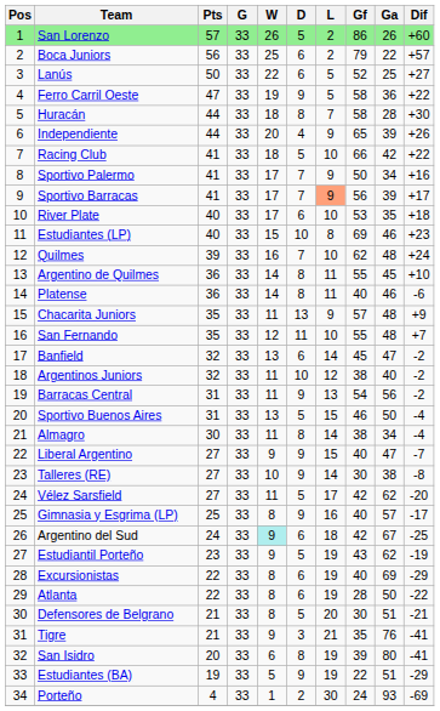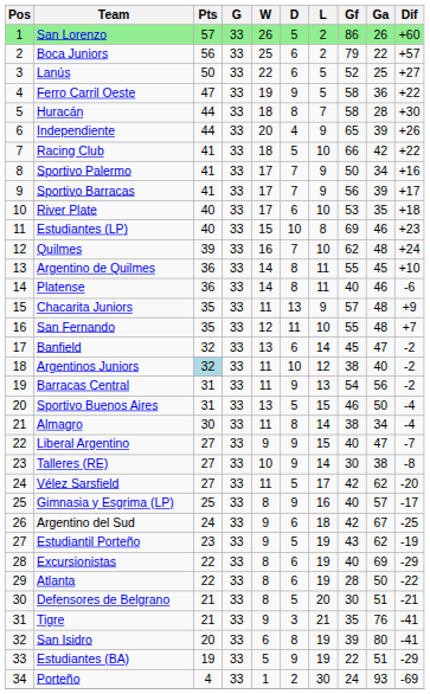 <table class="wikitable" style="text-align:center">
 <tr>
 <th width=30px>Pos</th>
 <th width=200px>Team</th>
 <th width=30px>Pts</th>
 <th width=30px>G</th>
 <th width=30px>W</th>
 <th width=30px>D</th>
 <th width=30px>L</th>
 <th width=30px>Gf</th>
 <th width=30px>Ga</th>
 <th width=30px>Dif</th>
 </tr>
 <tr bgcolor="lightgreen">
 <td>1</td>
 <td align="left"><a href='#'>San Lorenzo</a></td>
 <td>57</td>
 <td>33</td>
 <td>26</td>
 <td>5</td>
 <td>2</td>
 <td>86</td>
 <td>26</td>
 <td>+60</td>
 </tr>
 <tr>
 <td>2</td>
 <td align="left"><a href='#'>Boca Juniors</a></td>
 <td>56</td>
 <td>33</td>
 <td>25</td>
 <td>6</td>
 <td>2</td>
 <td>79</td>
 <td>22</td>
 <td>+57</td>
 </tr>
 <tr>
 <td>3</td>
 <td align="left"><a href='#'>Lanús</a></td>
 <td>50</td>
 <td>33</td>
 <td>22</td>
 <td>6</td>
 <td>5</td>
 <td>52</td>
 <td>25</td>
 <td>+27</td>
 </tr>
 <tr>
 <td>4</td>
 <td align="left"><a href='#'>Ferro Carril Oeste</a></td>
 <td>47</td>
 <td>33</td>
 <td>19</td>
 <td>9</td>
 <td>5</td>
 <td>58</td>
 <td>36</td>
 <td>+22</td>
 </tr>
 <tr>
 <td>5</td>
 <td align="left"><a href='#'>Huracán</a></td>
 <td>44</td>
 <td>33</td>
 <td>18</td>
 <td>8</td>
 <td>7</td>
 <td>58</td>
 <td>28</td>
 <td>+30</td>
 </tr>
 <tr>
 <td>6</td>
 <td align="left"><a href='#'>Independiente</a></td>
 <td>44</td>
 <td>33</td>
 <td>20</td>
 <td>4</td>
 <td>9</td>
 <td>65</td>
 <td>39</td>
 <td>+26</td>
 </tr>
 <tr>
 <td>7</td>
 <td align="left"><a href='#'>Racing Club</a></td>
 <td>41</td>
 <td>33</td>
 <td>18</td>
 <td>5</td>
 <td>10</td>
 <td>66</td>
 <td>42</td>
 <td>+22</td>
 </tr>
 <tr>
 <td>8</td>
 <td align="left"><a href='#'>Sportivo Palermo</a></td>
 <td>41</td>
 <td>33</td>
 <td>17</td>
 <td>7</td>
 <td>9</td>
 <td>50</td>
 <td>34</td>
 <td>+16</td>
 </tr>
 <tr>
 <td>9</td>
 <td align="left"><a href='#'>Sportivo Barracas</a></td>
 <td>41</td>
 <td>33</td>
 <td>17</td>
 <td>7</td>
-<td style="background: lightsalmon;">9</td>
+<td>9</td>
 <td>56</td>
 <td>39</td>
 <td>+17</td>
 </tr>
 <tr>
 <td>10</td>
 <td align="left"><a href='#'>River Plate</a></td>
 <td>40</td>
 <td>33</td>
 <td>17</td>
 <td>6</td>
 <td>10</td>
 <td>53</td>
 <td>35</td>
 <td>+18</td>
 </tr>
 <tr>
 <td>11</td>
 <td align="left"><a href='#'>Estudiantes (LP)</a></td>
 <td>40</td>
 <td>33</td>
 <td>15</td>
 <td>10</td>
 <td>8</td>
 <td>69</td>
 <td>46</td>
 <td>+23</td>
 </tr>
 <tr>
 <td>12</td>
 <td align="left"><a href='#'>Quilmes</a></td>
 <td>39</td>
 <td>33</td>
 <td>16</td>
 <td>7</td>
 <td>10</td>
 <td>62</td>
 <td>48</td>
 <td>+24</td>
 </tr>
 <tr>
 <td>13</td>
 <td align="left"><a href='#'>Argentino de Quilmes</a></td>
 <td>36</td>
 <td>33</td>
 <td>14</td>
 <td>8</td>
 <td>11</td>
 <td>55</td>
 <td>45</td>
 <td>+10</td>
 </tr>
 <tr>
 <td>14</td>
 <td align="left"><a href='#'>Platense</a></td>
 <td>36</td>
 <td>33</td>
 <td>14</td>
 <td>8</td>
 <td>11</td>
 <td>40</td>
 <td>46</td>
 <td>-6</td>
 </tr>
 <tr>
 <td>15</td>
 <td align="left"><a href='#'>Chacarita Juniors</a></td>
 <td>35</td>
 <td>33</td>
 <td>11</td>
 <td>13</td>
 <td>9</td>
 <td>57</td>
 <td>48</td>
 <td>+9</td>
 </tr>
 <tr>
 <td>16</td>
 <td align="left"><a href='#'>San Fernando</a></td>
 <td>35</td>
 <td>33</td>
 <td>12</td>
 <td>11</td>
 <td>10</td>
 <td>55</td>
 <td>48</td>
 <td>+7</td>
 </tr>
 <tr>
 <td>17</td>
 <td align="left"><a href='#'>Banfield</a></td>
 <td>32</td>
 <td>33</td>
 <td>13</td>
 <td>6</td>
 <td>14</td>
 <td>45</td>
 <td>47</td>
 <td>-2</td>
 </tr>
 <tr>
 <td>18</td>
 <td align="left"><a href='#'>Argentinos Juniors</a></td>
-<td>32</td>
+<td style="background: lightblue;">32</td>
 <td>33</td>
 <td>11</td>
 <td>10</td>
 <td>12</td>
 <td>38</td>
 <td>40</td>
 <td>-2</td>
 </tr>
 <tr>
 <td>19</td>
 <td align="left"><a href='#'>Barracas Central</a></td>
 <td>31</td>
 <td>33</td>
 <td>11</td>
 <td>9</td>
 <td>13</td>
 <td>54</td>
 <td>56</td>
 <td>-2</td>
 </tr>
 <tr>
 <td>20</td>
 <td align="left"><a href='#'>Sportivo Buenos Aires</a></td>
 <td>31</td>
 <td>33</td>
 <td>13</td>
 <td>5</td>
 <td>15</td>
 <td>46</td>
 <td>50</td>
 <td>-4</td>
 </tr>
 <tr>
 <td>21</td>
 <td align="left"><a href='#'>Almagro</a></td>
 <td>30</td>
 <td>33</td>
 <td>11</td>
 <td>8</td>
 <td>14</td>
 <td>38</td>
 <td>34</td>
 <td>-4</td>
 </tr>
 <tr>
 <td>22</td>
 <td align="left"><a href='#'>Liberal Argentino</a></td>
 <td>27</td>
 <td>33</td>
 <td>9</td>
 <td>9</td>
 <td>15</td>
 <td>40</td>
 <td>47</td>
 <td>-7</td>
 </tr>
 <tr>
 <td>23</td>
 <td align="left"><a href='#'>Talleres (RE)</a></td>
 <td>27</td>
 <td>33</td>
 <td>10</td>
 <td>9</td>
 <td>14</td>
 <td>30</td>
 <td>38</td>
 <td>-8</td>
 </tr>
 <tr>
 <td>24</td>
 <td align="left"><a href='#'>Vélez Sarsfield</a></td>
 <td>27</td>
 <td>33</td>
 <td>11</td>
 <td>5</td>
 <td>17</td>
 <td>42</td>
 <td>62</td>
 <td>-20</td>
 </tr>
 <tr>
 <td>25</td>
 <td align="left"><a href='#'>Gimnasia y Esgrima (LP)</a></td>
 <td>25</td>
 <td>33</td>
 <td>8</td>
 <td>9</td>
 <td>16</td>
 <td>40</td>
 <td>57</td>
 <td>-17</td>
 </tr>
 <tr>
 <td>26</td>
 <td align="left">Argentino del Sud</td>
 <td>24</td>
 <td>33</td>
-<td style="background: paleturquoise;">9</td>
+<td>9</td>
 <td>6</td>
 <td>18</td>
 <td>42</td>
 <td>67</td>
 <td>-25</td>
 </tr>
 <tr>
 <td>27</td>
 <td align="left"><a href='#'>Estudiantil Porteño</a></td>
 <td>23</td>
 <td>33</td>
 <td>9</td>
 <td>5</td>
 <td>19</td>
 <td>43</td>
 <td>62</td>
 <td>-19</td>
 </tr>
 <tr>
 <td>28</td>
 <td align="left"><a href='#'>Excursionistas</a></td>
 <td>22</td>
 <td>33</td>
 <td>8</td>
 <td>6</td>
 <td>19</td>
 <td>40</td>
 <td>69</td>
 <td>-29</td>
 </tr>
 <tr>
 <td>29</td>
 <td align="left"><a href='#'>Atlanta</a></td>
 <td>22</td>
 <td>33</td>
 <td>8</td>
 <td>6</td>
 <td>19</td>
 <td>28</td>
 <td>50</td>
 <td>-22</td>
 </tr>
 <tr>
 <td>30</td>
 <td align="left"><a href='#'>Defensores de Belgrano</a></td>
 <td>21</td>
 <td>33</td>
 <td>8</td>
 <td>5</td>
 <td>20</td>
 <td>30</td>
 <td>51</td>
 <td>-21</td>
 </tr>
 <tr>
 <td>31</td>
 <td align="left"><a href='#'>Tigre</a></td>
 <td>21</td>
 <td>33</td>
 <td>9</td>
 <td>3</td>
 <td>21</td>
 <td>35</td>
 <td>76</td>
 <td>-41</td>
 </tr>
 <tr>
 <td>32</td>
 <td align="left"><a href='#'>San Isidro</a></td>
 <td>20</td>
 <td>33</td>
 <td>6</td>
 <td>8</td>
 <td>19</td>
 <td>39</td>
 <td>80</td>
 <td>-41</td>
 </tr>
 <tr>
 <td>33</td>
 <td align="left"><a href='#'>Estudiantes (BA)</a></td>
 <td>19</td>
 <td>33</td>
 <td>5</td>
 <td>9</td>
 <td>19</td>
 <td>22</td>
 <td>51</td>
 <td>-29</td>
 </tr>
 <tr>
 <td>34</td>
 <td align="left"><a href='#'>Porteño</a></td>
 <td>4</td>
 <td>33</td>
 <td>1</td>
 <td>2</td>
 <td>30</td>
 <td>24</td>
 <td>93</td>
 <td>-69</td>
 </tr>
 <tr>
 </tr>
 </table>
